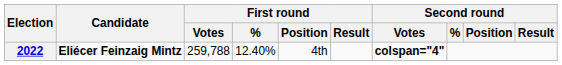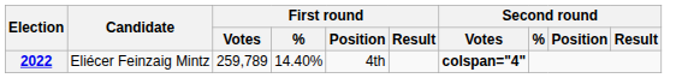 <table class=wikitable style="text-align: right;">
 <tr>
 <th rowspan=2>Election</th>
 <th rowspan=2>Candidate</th>
 <th colspan=4>First round</th>
 <th colspan=4>Second round</th>
 </tr>
 <tr>
 <th>Votes</th>
 <th>%</th>
 <th>Position</th>
 <th>Result</th>
 <th>Votes</th>
 <th>%</th>
 <th>Position</th>
 <th>Result</th>
 </tr>
 <tr>
 <th><a href='#'>2022</a></th>
-<td><strong>Eliécer Feinzaig Mintz</strong></td>
-<td>259,788</td>
-<td>12.40%</td>
+<td>Eliécer Feinzaig Mintz</td>
+<td>259,789</td>
+<td>14.40%</td>
 <td>4th</td>
 <td></td>
 <td><strong>colspan="4" </strong></td>
 </tr>
 </table>
